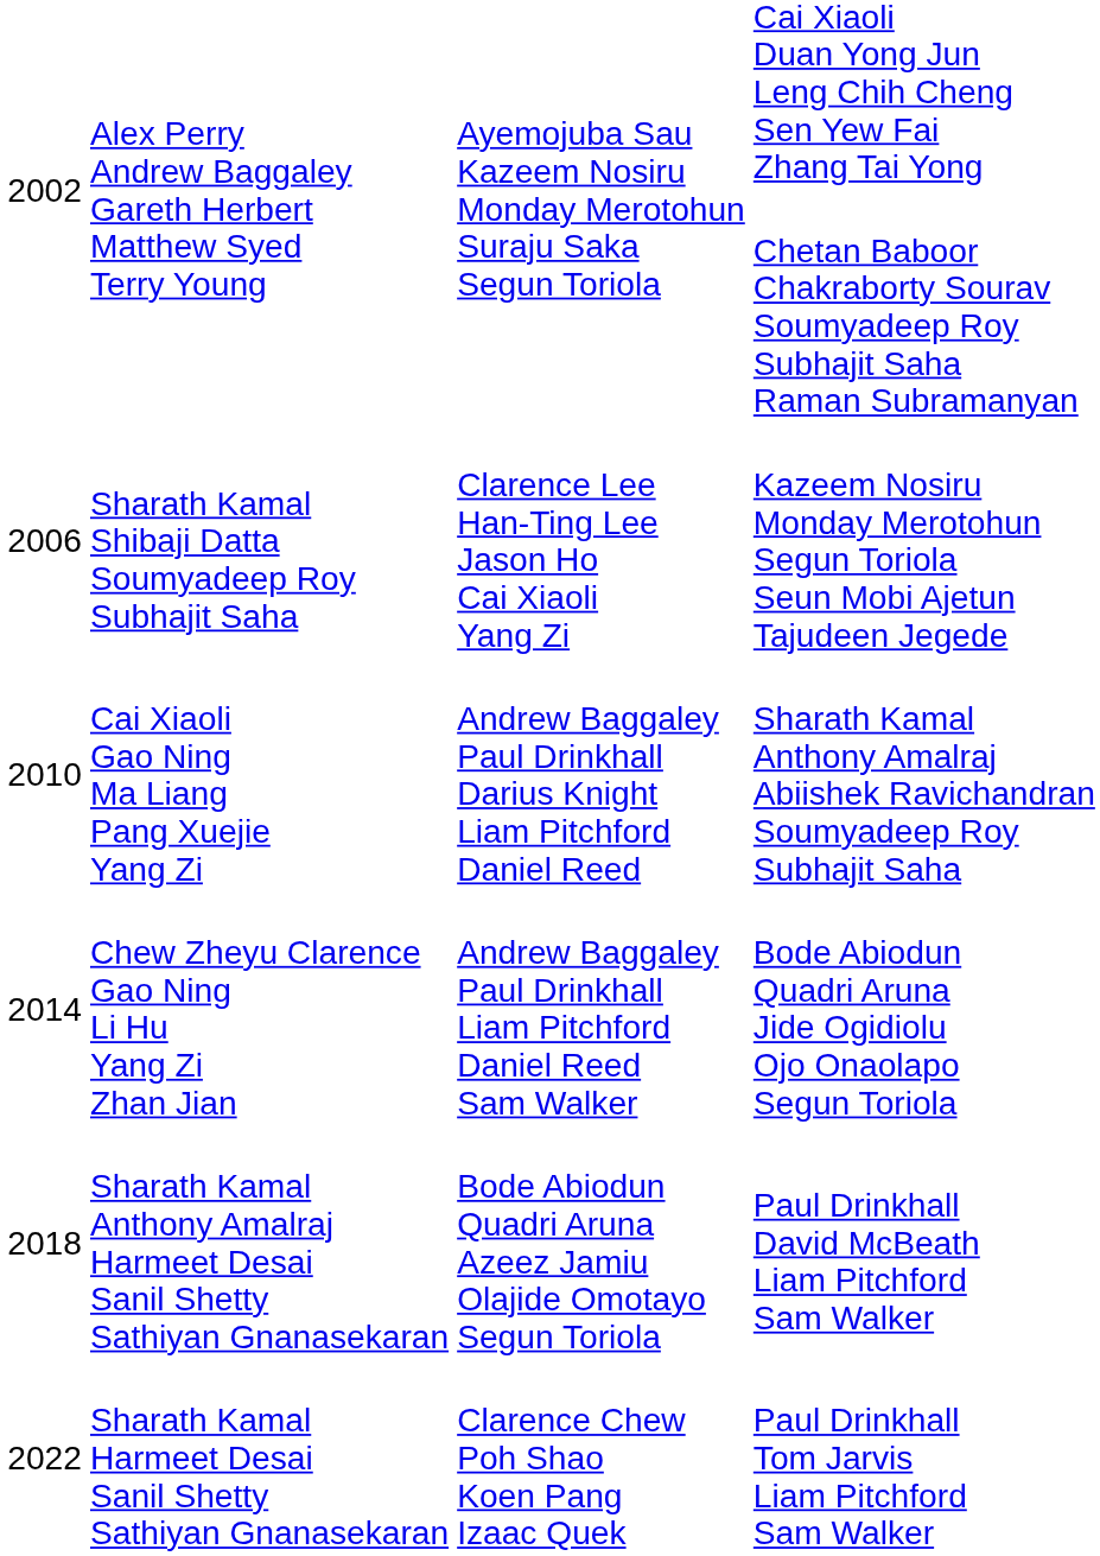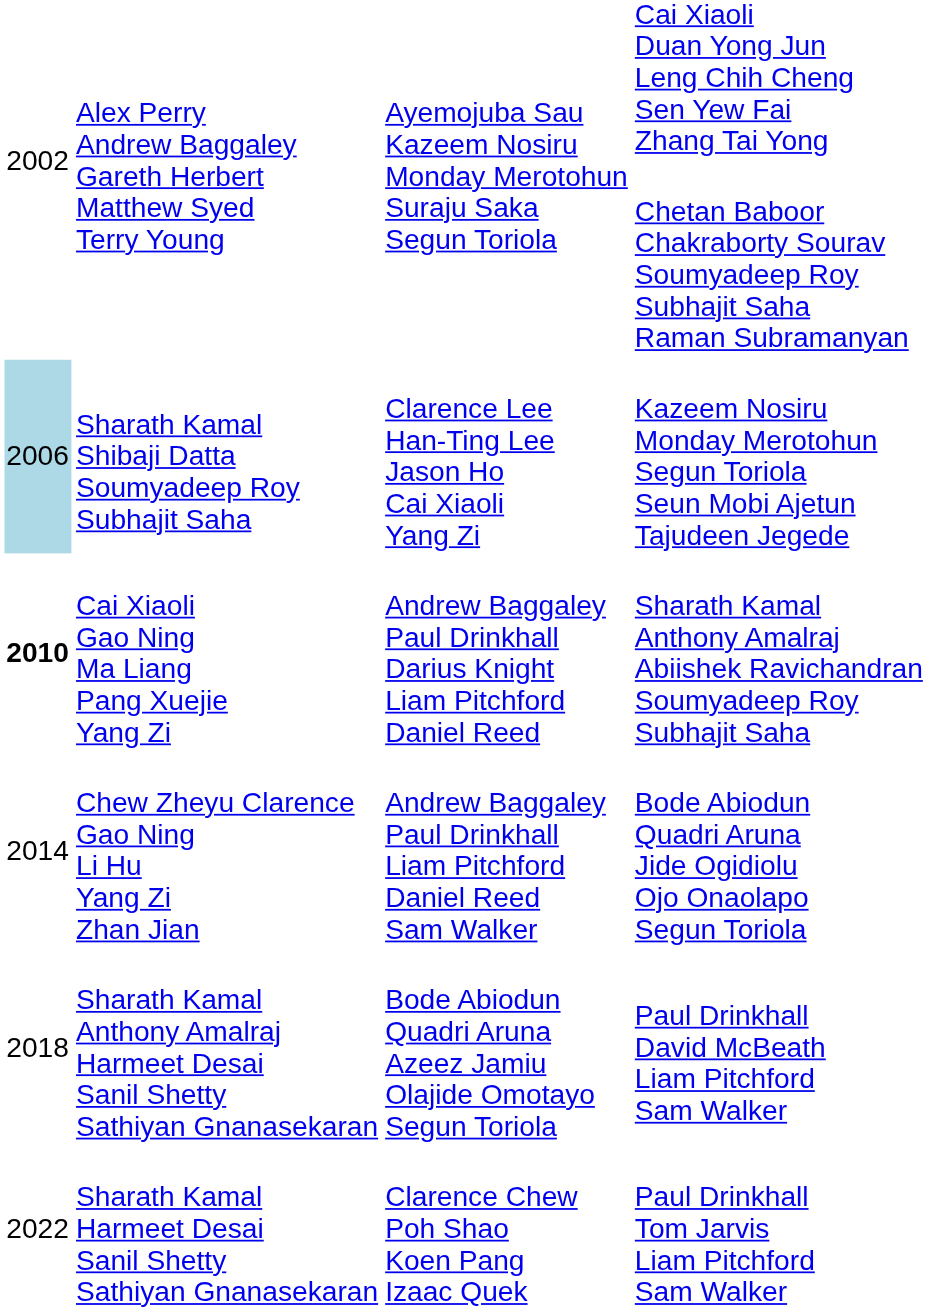 <table>
 <tr>
 <td rowspan=2>2002</td>
 <td rowspan=2><br><a href='#'>Alex Perry</a><br><a href='#'>Andrew Baggaley</a><br><a href='#'>Gareth Herbert</a><br><a href='#'>Matthew Syed</a><br><a href='#'>Terry Young</a></td>
 <td rowspan=2><br><a href='#'>Ayemojuba Sau</a><br><a href='#'>Kazeem Nosiru</a><br><a href='#'>Monday Merotohun</a><br><a href='#'>Suraju Saka</a><br><a href='#'>Segun Toriola</a></td>
 <td><br><a href='#'>Cai Xiaoli</a><br><a href='#'>Duan Yong Jun</a><br><a href='#'>Leng Chih Cheng</a><br><a href='#'>Sen Yew Fai</a><br><a href='#'>Zhang Tai Yong</a></td>
 </tr>
 <tr>
 <td><br><a href='#'>Chetan Baboor</a><br><a href='#'>Chakraborty Sourav</a><br><a href='#'>Soumyadeep Roy</a><br><a href='#'>Subhajit Saha</a><br><a href='#'>Raman Subramanyan</a></td>
 </tr>
 <tr>
-<td>2006</td>
+<td style="background: lightblue;">2006</td>
 <td><br><a href='#'>Sharath Kamal</a><br><a href='#'>Shibaji Datta</a><br><a href='#'>Soumyadeep Roy</a><br><a href='#'>Subhajit Saha</a></td>
 <td><br><a href='#'>Clarence Lee</a><br><a href='#'>Han-Ting Lee</a><br><a href='#'>Jason Ho</a><br><a href='#'>Cai Xiaoli</a><br><a href='#'>Yang Zi</a></td>
 <td><br><a href='#'>Kazeem Nosiru</a><br><a href='#'>Monday Merotohun</a><br><a href='#'>Segun Toriola</a><br><a href='#'>Seun Mobi Ajetun</a><br><a href='#'>Tajudeen Jegede</a></td>
 </tr>
 <tr>
-<td>2010<br></td>
+<td><strong>2010<br></strong></td>
 <td><br><a href='#'>Cai Xiaoli</a><br><a href='#'>Gao Ning</a><br><a href='#'>Ma Liang</a><br><a href='#'>Pang Xuejie</a><br><a href='#'>Yang Zi</a></td>
 <td><br><a href='#'>Andrew Baggaley</a><br><a href='#'>Paul Drinkhall</a><br><a href='#'>Darius Knight</a><br><a href='#'>Liam Pitchford</a><br><a href='#'>Daniel Reed</a></td>
 <td><br><a href='#'>Sharath Kamal</a><br><a href='#'>Anthony Amalraj</a><br><a href='#'>Abiishek Ravichandran</a><br><a href='#'>Soumyadeep Roy</a><br><a href='#'>Subhajit Saha</a></td>
 </tr>
 <tr>
 <td>2014<br></td>
 <td><br><a href='#'>Chew Zheyu Clarence</a><br><a href='#'>Gao Ning</a><br><a href='#'>Li Hu</a><br><a href='#'>Yang Zi</a><br><a href='#'>Zhan Jian</a></td>
 <td><br><a href='#'>Andrew Baggaley</a><br><a href='#'>Paul Drinkhall</a><br><a href='#'>Liam Pitchford</a><br><a href='#'>Daniel Reed</a><br><a href='#'>Sam Walker</a></td>
 <td><br><a href='#'>Bode Abiodun</a><br><a href='#'>Quadri Aruna</a><br><a href='#'>Jide Ogidiolu</a><br><a href='#'>Ojo Onaolapo</a><br><a href='#'>Segun Toriola</a></td>
 </tr>
 <tr>
 <td>2018<br></td>
 <td><br><a href='#'>Sharath Kamal</a><br><a href='#'>Anthony Amalraj</a><br><a href='#'>Harmeet Desai</a><br><a href='#'>Sanil Shetty</a><br><a href='#'>Sathiyan Gnanasekaran</a></td>
 <td><br><a href='#'>Bode Abiodun</a><br><a href='#'>Quadri Aruna</a><br><a href='#'>Azeez Jamiu</a><br><a href='#'>Olajide Omotayo</a><br><a href='#'>Segun Toriola</a></td>
 <td><br><a href='#'>Paul Drinkhall</a><br><a href='#'>David McBeath</a><br><a href='#'>Liam Pitchford</a><br><a href='#'>Sam Walker</a></td>
 </tr>
 <tr>
 <td>2022<br></td>
 <td><br><a href='#'>Sharath Kamal</a><br><a href='#'>Harmeet Desai</a><br><a href='#'>Sanil Shetty</a><br><a href='#'>Sathiyan Gnanasekaran</a></td>
 <td><br><a href='#'>Clarence Chew</a><br><a href='#'>Poh Shao</a><br><a href='#'>Koen Pang</a><br><a href='#'>Izaac Quek</a></td>
 <td><br><a href='#'>Paul Drinkhall</a><br><a href='#'>Tom Jarvis</a><br><a href='#'>Liam Pitchford</a><br><a href='#'>Sam Walker</a></td>
 </tr>
 </table>
